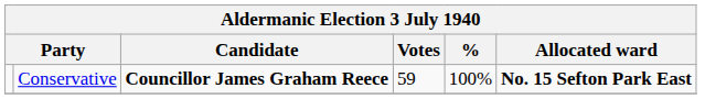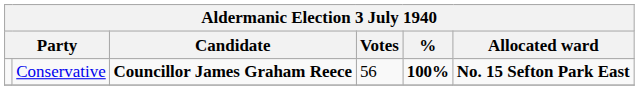 <table class="wikitable">
 <tr>
 <th colspan="6"><strong>Aldermanic Election 3 July 1940</strong></th>
 </tr>
 <tr>
 <th colspan="2">Party</th>
 <th>Candidate</th>
 <th>Votes</th>
 <th>%</th>
 <th>Allocated ward</th>
 </tr>
 <tr>
 <td style="background-color:"></td>
 <td><a href='#'>Conservative</a></td>
 <td><strong>Councillor James Graham Reece</strong></td>
-<td>59</td>
-<td>100%</td>
+<td>56</td>
+<td><strong>100%</strong></td>
 <td><strong>No. 15 Sefton Park East</strong></td>
 </tr>
 <tr>
 </tr>
 </table>
